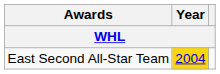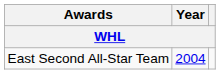 <table class="wikitable">
 <tr>
 <th>Awards</th>
 <th>Year</th>
 <th></th>
 </tr>
 <tr ALIGN="center" bgcolor="#e0e0e0">
 <th colspan="3"><a href='#'>WHL</a></th>
 </tr>
 <tr>
 <td>East Second All-Star Team</td>
-<td style="background: gold;"><a href='#'>2004</a></td>
+<td><a href='#'>2004</a></td>
 <td></td>
 </tr>
 </table>
